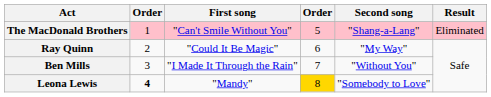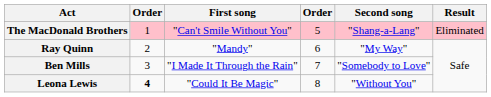 <table class="wikitable plainrowheaders" style="text-align:center;">
 <tr>
 <th scope="col">Act</th>
 <th scope="col">Order</th>
 <th scope="col">First song</th>
 <th scope="col">Order</th>
 <th scope="col">Second song</th>
 <th scope="col">Result</th>
 </tr>
 <tr style="background: pink">
 <th scope=row>The MacDonald Brothers</th>
 <td>1</td>
 <td>"<a href='#'>Can't Smile Without You</a>"</td>
 <td>5</td>
 <td>"<a href='#'>Shang-a-Lang</a>"</td>
 <td>Eliminated</td>
 </tr>
 <tr>
 <th scope=row>Ray Quinn</th>
 <td>2</td>
-<td>"<a href='#'>Could It Be Magic</a>"</td>
+<td>"<a href='#'>Mandy</a>"</td>
 <td>6</td>
 <td>"<a href='#'>My Way</a>"</td>
 <td rowspan=3>Safe</td>
 </tr>
 <tr>
 <th scope=row>Ben Mills</th>
 <td>3</td>
 <td>"<a href='#'>I Made It Through the Rain</a>"</td>
 <td>7</td>
-<td>"<a href='#'>Without You</a>"</td>
+<td>"<a href='#'>Somebody to Love</a>"</td>
 </tr>
 <tr>
 <th scope=row>Leona Lewis</th>
 <td><strong>4</strong></td>
-<td>"<a href='#'>Mandy</a>"</td>
-<td style="background: gold;">8</td>
-<td>"<a href='#'>Somebody to Love</a>"</td>
+<td>"<a href='#'>Could It Be Magic</a>"</td>
+<td>8</td>
+<td>"<a href='#'>Without You</a>"</td>
 </tr>
 </table>
